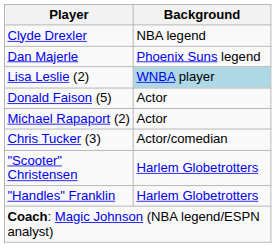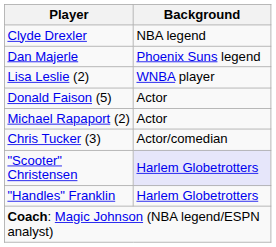 <table class="wikitable">
 <tr>
 <th width=150>Player</th>
 <th width=160>Background</th>
 </tr>
 <tr>
 <td><a href='#'>Clyde Drexler</a></td>
 <td>NBA legend</td>
 </tr>
 <tr>
 <td><a href='#'>Dan Majerle</a></td>
 <td><a href='#'>Phoenix Suns</a> legend</td>
 </tr>
 <tr>
 <td><a href='#'>Lisa Leslie</a> (2)</td>
-<td style="background: lightblue;"><a href='#'>WNBA</a> player</td>
+<td><a href='#'>WNBA</a> player</td>
 </tr>
 <tr>
 <td><a href='#'>Donald Faison</a> (5)</td>
 <td>Actor</td>
 </tr>
 <tr>
 <td><a href='#'>Michael Rapaport</a> (2)</td>
 <td>Actor</td>
 </tr>
 <tr>
 <td><a href='#'>Chris Tucker</a> (3)</td>
 <td>Actor/comedian</td>
 </tr>
 <tr>
 <td><a href='#'>"Scooter" Christensen</a></td>
-<td><a href='#'>Harlem Globetrotters</a></td>
+<td style="background: lavender;"><a href='#'>Harlem Globetrotters</a></td>
 </tr>
 <tr>
 <td><a href='#'>"Handles" Franklin</a></td>
 <td><a href='#'>Harlem Globetrotters</a></td>
 </tr>
 <tr>
 <td colspan="3"><strong>Coach</strong>: <a href='#'>Magic Johnson</a> (NBA legend/ESPN analyst)</td>
 </tr>
 </table>
